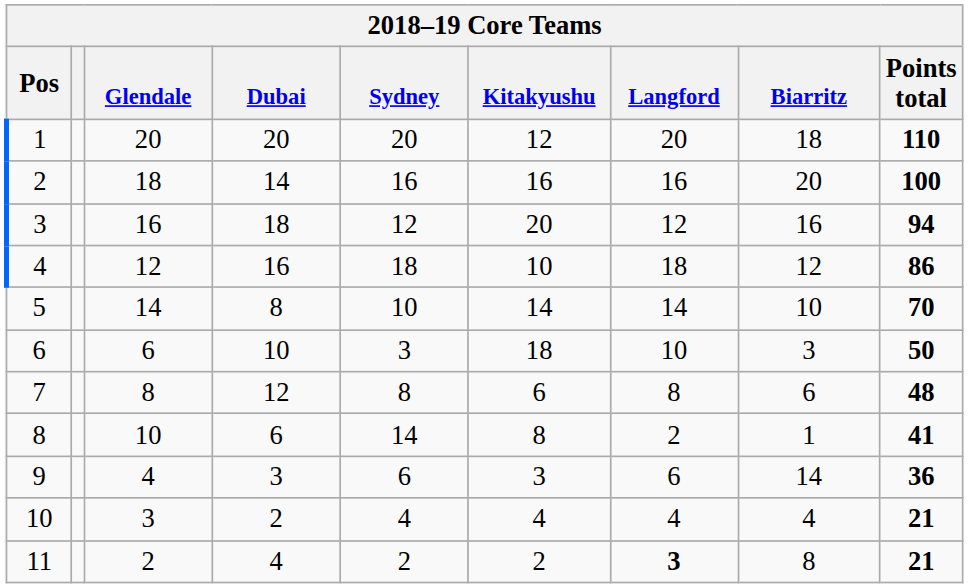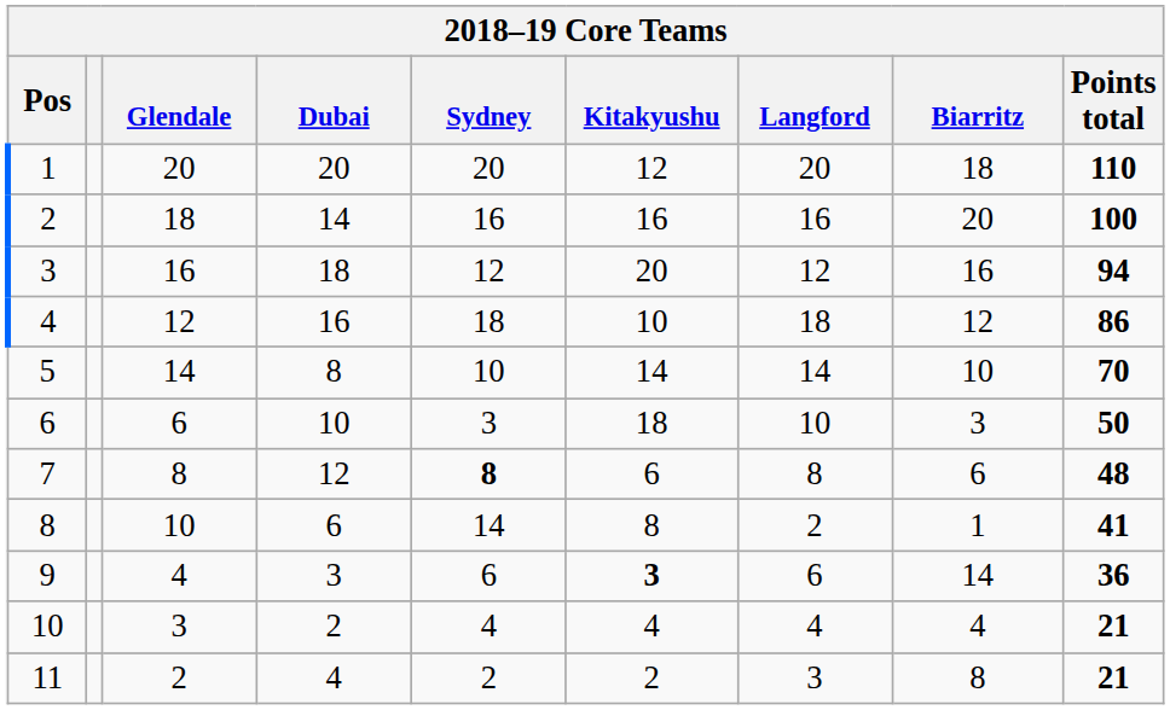 <table class="wikitable" style="text-align:center">
 <tr bgcolor="#efefef">
 <th colspan=13 style="border-right:0px;";>2018–19 Core Teams</th>
 </tr>
 <tr bgcolor="#efefef">
 <th style="width:2em;">Pos</th>
 <th></th>
 <th style="width:5.2em; font-size:85%;"><br><a href='#'>Glendale</a></th>
 <th style="width:5.2em; font-size:85%;"><br><a href='#'>Dubai</a></th>
 <th style="width:5.2em; font-size:85%;"><br><a href='#'>Sydney</a></th>
 <th style="width:5.8em; font-size:85%;"><br><a href='#'>Kitakyushu</a></th>
 <th style="width:5.2em; font-size:85%;"><br><a href='#'>Langford</a></th>
 <th style="width:5.8em; font-size:85%;"><br><a href='#'>Biarritz</a></th>
 <th>Points<br>total</th>
 </tr>
 <tr style="border-left:3px solid #06f;">
 <td>1</td>
 <td align=left></td>
 <td>20</td>
 <td>20</td>
 <td>20</td>
 <td>12</td>
 <td>20</td>
 <td>18</td>
 <td><strong>110</strong></td>
 </tr>
 <tr style="border-left:3px solid #06f;">
 <td>2</td>
 <td align=left></td>
 <td>18</td>
 <td>14</td>
 <td>16</td>
 <td>16</td>
 <td>16</td>
 <td>20</td>
 <td><strong>100</strong></td>
 </tr>
 <tr style="border-left:3px solid #06f;">
 <td>3</td>
 <td align=left></td>
 <td>16</td>
 <td>18</td>
 <td>12</td>
 <td>20</td>
 <td>12</td>
 <td>16</td>
 <td><strong>94</strong></td>
 </tr>
 <tr style="border-left:3px solid #06f;">
 <td>4</td>
 <td align=left></td>
 <td>12</td>
 <td>16</td>
 <td>18</td>
 <td>10</td>
 <td>18</td>
 <td>12</td>
 <td><strong>86</strong></td>
 </tr>
 <tr>
 <td>5</td>
 <td align=left></td>
 <td>14</td>
 <td>8</td>
 <td>10</td>
 <td>14</td>
 <td>14</td>
 <td>10</td>
 <td><strong>70</strong></td>
 </tr>
 <tr>
 <td>6</td>
 <td align=left></td>
 <td>6</td>
 <td>10</td>
 <td>3</td>
 <td>18</td>
 <td>10</td>
 <td>3</td>
 <td><strong>50</strong></td>
 </tr>
 <tr>
 <td>7</td>
 <td align=left></td>
 <td>8</td>
 <td>12</td>
-<td>8</td>
+<td><strong>8</strong></td>
 <td>6</td>
 <td>8</td>
 <td>6</td>
 <td><strong>48</strong></td>
 </tr>
 <tr>
 <td>8</td>
 <td align=left></td>
 <td>10</td>
 <td>6</td>
 <td>14</td>
 <td>8</td>
 <td>2</td>
 <td>1</td>
 <td><strong>41</strong></td>
 </tr>
 <tr>
 <td>9</td>
 <td align=left></td>
 <td>4</td>
 <td>3</td>
 <td>6</td>
-<td>3</td>
+<td><strong>3</strong></td>
 <td>6</td>
 <td>14</td>
 <td><strong>36</strong></td>
 </tr>
 <tr>
 <td>10</td>
 <td align=left></td>
 <td>3</td>
 <td>2</td>
 <td>4</td>
 <td>4</td>
 <td>4</td>
 <td>4</td>
 <td><strong>21</strong></td>
 </tr>
 <tr>
 <td>11</td>
 <td align=left></td>
 <td>2</td>
 <td>4</td>
 <td>2</td>
 <td>2</td>
-<td><strong>3</strong></td>
+<td>3</td>
 <td>8</td>
 <td><strong>21</strong></td>
 </tr>
 </table>
